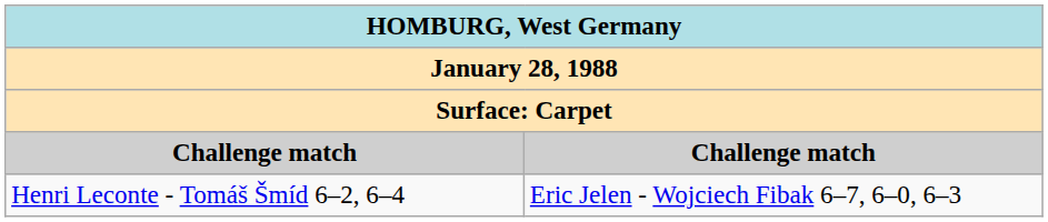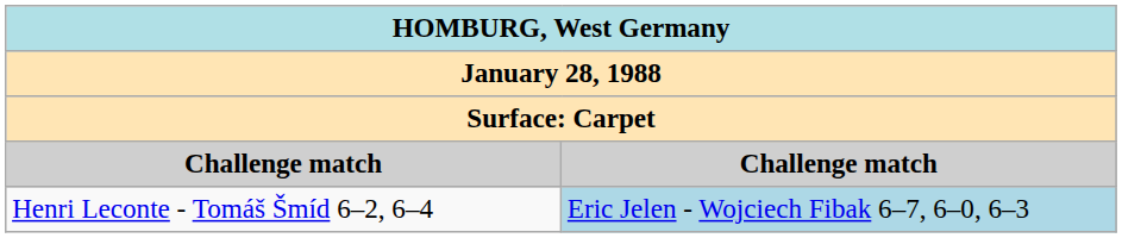 <table class="wikitable" style="font-size:95%;">
 <tr>
 <th colspan="2" style="background:#B0E0E6" width="300">HOMBURG, West Germany</th>
 </tr>
 <tr>
 <th colspan="2" style="background:#FFE5B4" width="300">January 28, 1988</th>
 </tr>
 <tr>
 <th colspan="2" style="background:#FFE5B4" width="300">Surface: Carpet</th>
 </tr>
 <tr>
 <th colspan="1" style="background:#cfcfcf" width="300">Challenge match</th>
 <th colspan="1" style="background:#cfcfcf" width="300">Challenge match</th>
 </tr>
 <tr>
 <td><a href='#'>Henri Leconte</a> - <a href='#'>Tomáš Šmíd</a> 6–2, 6–4</td>
-<td><a href='#'>Eric Jelen</a> - <a href='#'>Wojciech Fibak</a> 6–7, 6–0, 6–3</td>
+<td style="background: lightblue;"><a href='#'>Eric Jelen</a> - <a href='#'>Wojciech Fibak</a> 6–7, 6–0, 6–3</td>
 </tr>
 </table>
